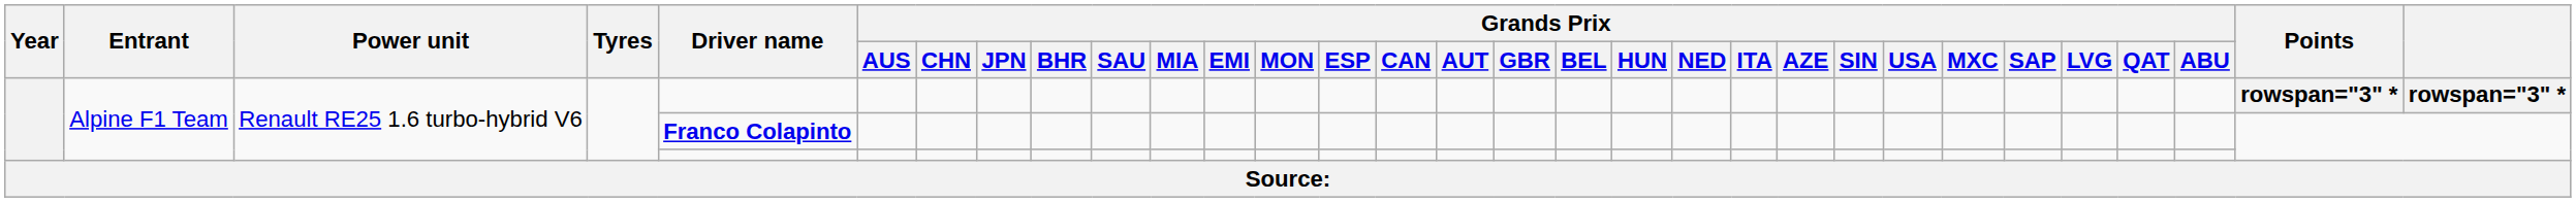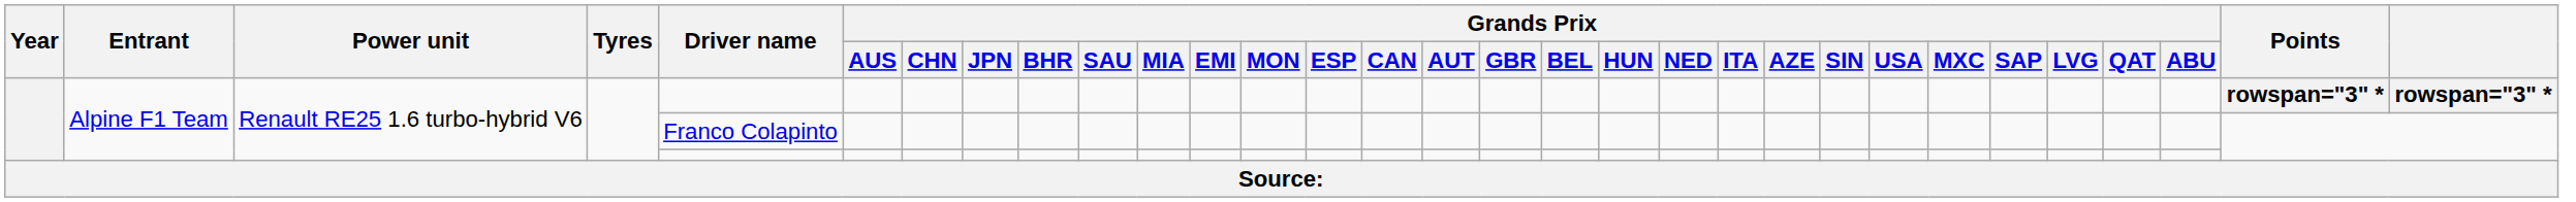 <table class="wikitable" style="text-align:center; font-size:90%">
 <tr>
 <th rowspan="2">Year</th>
 <th rowspan="2">Entrant</th>
 <th rowspan="2">Power unit</th>
 <th rowspan="2">Tyres</th>
 <th rowspan="2">Driver name</th>
 <th colspan="24">Grands Prix</th>
 <th rowspan="2">Points</th>
 <th rowspan="2"></th>
 </tr>
 <tr>
 <th><a href='#'>AUS</a></th>
 <th><a href='#'>CHN</a></th>
 <th><a href='#'>JPN</a></th>
 <th><a href='#'>BHR</a></th>
 <th><a href='#'>SAU</a></th>
 <th><a href='#'>MIA</a></th>
 <th><a href='#'>EMI</a></th>
 <th><a href='#'>MON</a></th>
 <th><a href='#'>ESP</a></th>
 <th><a href='#'>CAN</a></th>
 <th><a href='#'>AUT</a></th>
 <th><a href='#'>GBR</a></th>
 <th><a href='#'>BEL</a></th>
 <th><a href='#'>HUN</a></th>
 <th><a href='#'>NED</a></th>
 <th><a href='#'>ITA</a></th>
 <th><a href='#'>AZE</a></th>
 <th><a href='#'>SIN</a></th>
 <th><a href='#'>USA</a></th>
 <th><a href='#'>MXC</a></th>
 <th><a href='#'>SAP</a></th>
 <th><a href='#'>LVG</a></th>
 <th><a href='#'>QAT</a></th>
 <th><a href='#'>ABU</a></th>
 </tr>
 <tr>
 <th rowspan="3"></th>
 <td rowspan="3"><a href='#'>Alpine F1 Team</a></td>
 <td rowspan="3"><a href='#'>Renault RE25</a> 1.6 turbo-hybrid V6</td>
 <td rowspan="3"></td>
 <td align=left></td>
 <td></td>
 <td></td>
 <td></td>
 <td></td>
 <td></td>
 <td></td>
 <td></td>
 <td></td>
 <td></td>
 <td></td>
 <td></td>
 <td></td>
 <td></td>
 <td></td>
 <td></td>
 <td></td>
 <td></td>
 <td></td>
 <td></td>
 <td></td>
 <td></td>
 <td></td>
 <td></td>
 <td></td>
 <th>rowspan="3" *</th>
 <th>rowspan="3" *</th>
 </tr>
 <tr>
-<td align=left><strong> <a href='#'>Franco Colapinto</a></strong></td>
+<td align=left> <a href='#'>Franco Colapinto</a></td>
 <td></td>
 <td></td>
 <td></td>
 <td></td>
 <td></td>
 <td></td>
 <td></td>
 <td></td>
 <td></td>
 <td></td>
 <td></td>
 <td></td>
 <td></td>
 <td></td>
 <td></td>
 <td></td>
 <td></td>
 <td></td>
 <td></td>
 <td></td>
 <td></td>
 <td></td>
 <td></td>
 <td></td>
 </tr>
 <tr>
 <td align=left></td>
 <td></td>
 <td></td>
 <td></td>
 <td></td>
 <td></td>
 <td></td>
 <td></td>
 <td></td>
 <td></td>
 <td></td>
 <td></td>
 <td></td>
 <td></td>
 <td></td>
 <td></td>
 <td></td>
 <td></td>
 <td></td>
 <td></td>
 <td></td>
 <td></td>
 <td></td>
 <td></td>
 <td></td>
 </tr>
 <tr>
 <th colspan="31">Source:</th>
 </tr>
 </table>
